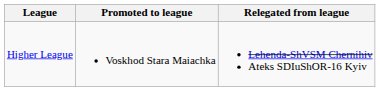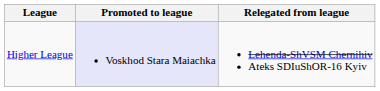 <table class="wikitable">
 <tr>
 <th colspan=2>League</th>
 <th>Promoted to league</th>
 <th>Relegated from league</th>
 </tr>
 <tr>
 <td colspan=2><a href='#'>Higher League</a></td>
-<td><br><ul><li>Voskhod Stara Maiachka</li></ul></td>
+<td style="background: lavender;"><br><ul><li>Voskhod Stara Maiachka</li></ul></td>
 <td><br><ul><li><del><a href='#'>Lehenda-ShVSM Chernihiv</a></del></li><li>Ateks SDIuShOR-16 Kyiv</li></ul></td>
 </tr>
 </table>
